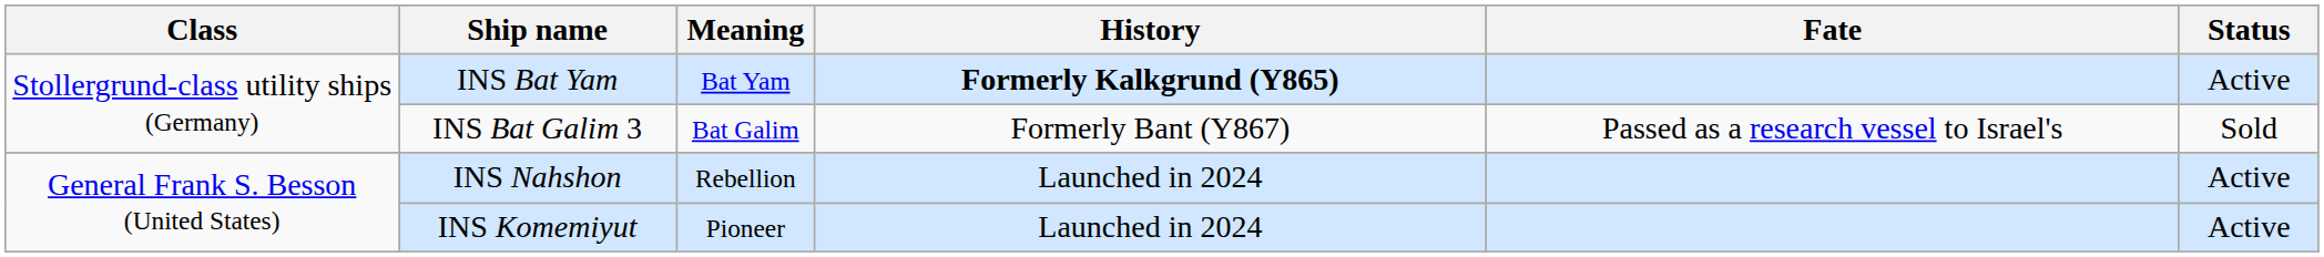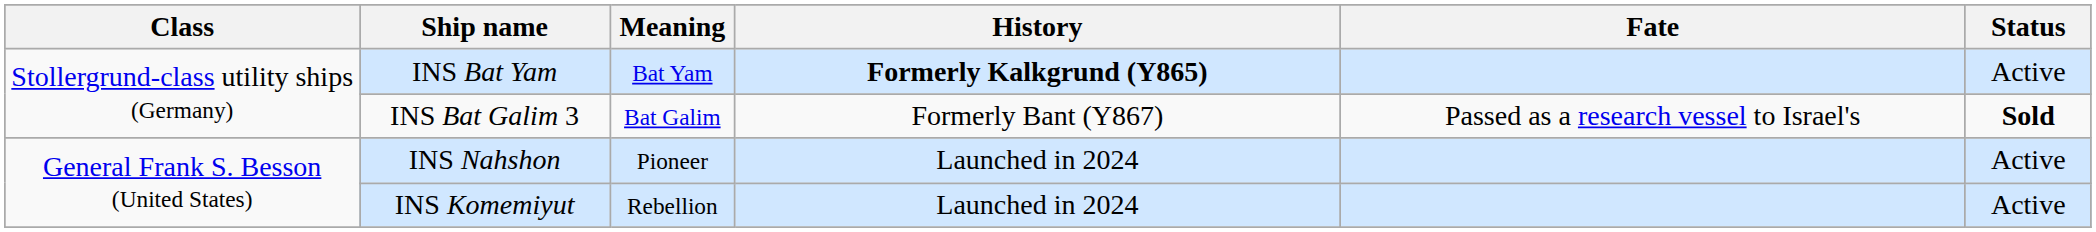 <table class="wikitable">
 <tr>
 <th width="17%">Class</th>
 <th width="12%">Ship name</th>
 <th width="6%">Meaning</th>
 <th width="29%">History</th>
 <th width="30%">Fate</th>
 <th width="6%">Status</th>
 </tr>
 <tr align=center>
 <td rowspan=2><a href='#'>Stollergrund-class</a> utility ships<br><small>(Germany)</small></td>
 <td bgcolor=#D0E7FF>INS <em>Bat Yam</em></td>
 <td bgcolor=#D0E7FF><small><a href='#'>Bat Yam</a></small></td>
 <td bgcolor=#D0E7FF><strong>Formerly Kalkgrund (Y865)</strong></td>
 <td bgcolor=#D0E7FF></td>
 <td bgcolor=#D0E7FF>Active</td>
 </tr>
 <tr align=center>
 <td>INS <em>Bat Galim</em> 3</td>
 <td><small><a href='#'>Bat Galim</a></small></td>
 <td>Formerly Bant (Y867)</td>
 <td>Passed as a <a href='#'>research vessel</a> to Israel's </td>
-<td>Sold</td>
+<td><strong>Sold</strong></td>
 </tr>
 <tr align=center>
 <td rowspan="2"><a href='#'>General Frank S. Besson</a><br><small>(United States)</small></td>
 <td bgcolor=#D0E7FF>INS <em>Nahshon</em></td>
-<td bgcolor=#D0E7FF><small>Rebellion</small></td>
+<td bgcolor=#D0E7FF><small>Pioneer</small></td>
 <td bgcolor=#D0E7FF>Launched in 2024</td>
 <td bgcolor=#D0E7FF></td>
 <td bgcolor=#D0E7FF>Active</td>
 </tr>
 <tr align=center>
 <td bgcolor=#D0E7FF>INS <em>Komemiyut</em></td>
-<td bgcolor=#D0E7FF><small>Pioneer</small></td>
+<td bgcolor=#D0E7FF><small>Rebellion</small></td>
 <td bgcolor=#D0E7FF>Launched in 2024</td>
 <td bgcolor=#D0E7FF></td>
 <td bgcolor=#D0E7FF>Active</td>
 </tr>
 </table>
